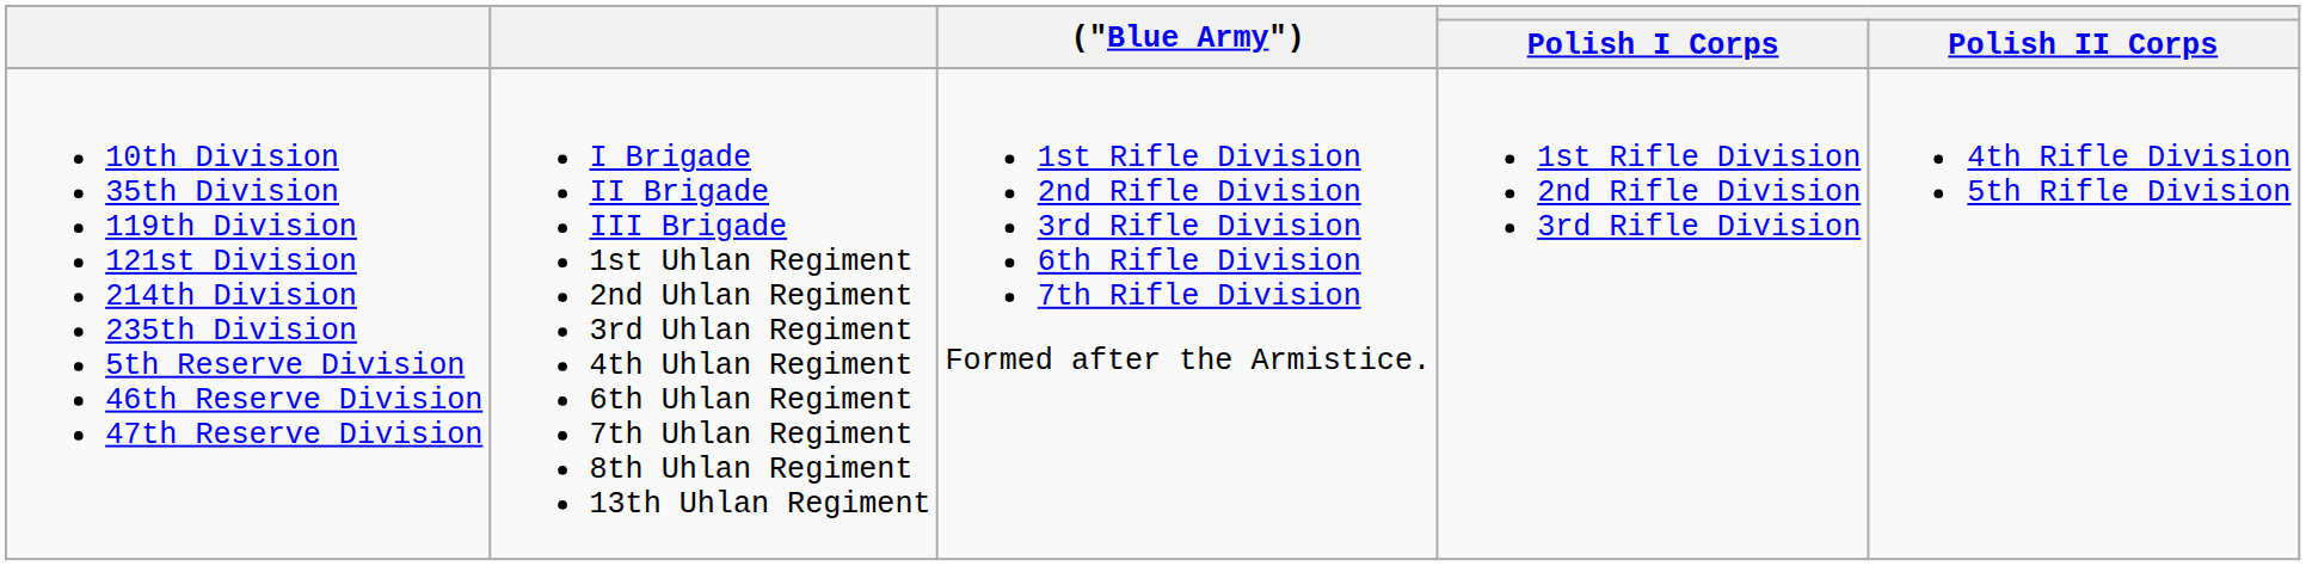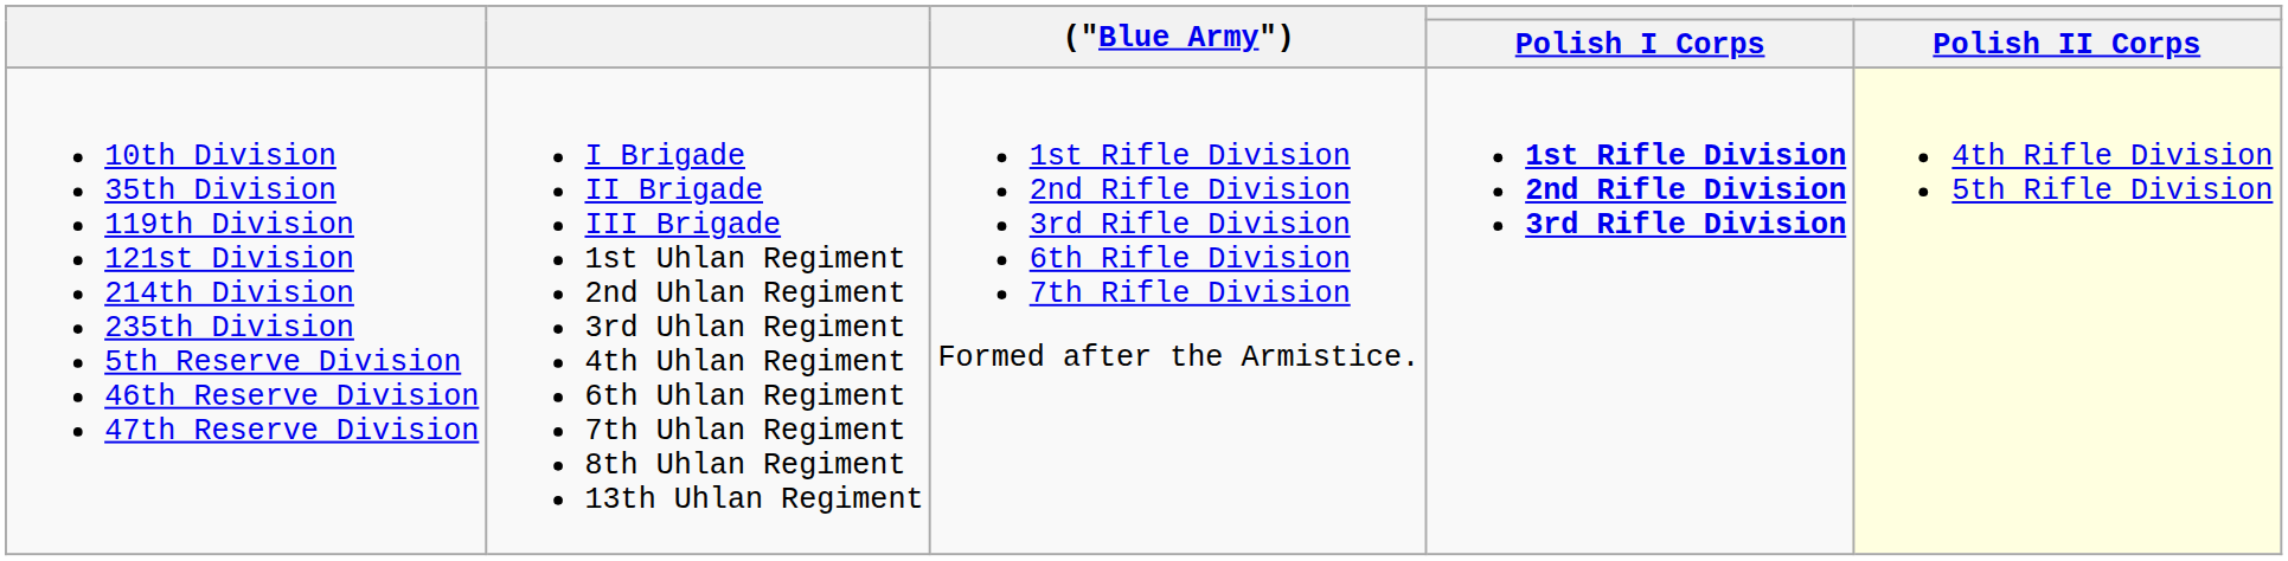 <table class="wikitable">
 <tr>
 <th rowspan=2></th>
 <th rowspan=2></th>
 <th rowspan=2> ("<a href='#'>Blue Army</a>")</th>
 <th colspan=2></th>
 </tr>
 <tr>
 <th><a href='#'>Polish I Corps</a></th>
 <th><a href='#'>Polish II Corps</a></th>
 </tr>
 <tr>
 <td style="vertical-align:top;"><br><ul><li><a href='#'>10th Division</a></li><li><a href='#'>35th Division</a></li><li><a href='#'>119th Division</a></li><li><a href='#'>121st Division</a></li><li><a href='#'>214th Division</a></li><li><a href='#'>235th Division</a></li><li><a href='#'>5th Reserve Division</a></li><li><a href='#'>46th Reserve Division</a></li><li><a href='#'>47th Reserve Division</a></li></ul></td>
 <td style="vertical-align:top;"><br><ul><li><a href='#'>I Brigade</a></li><li><a href='#'>II Brigade</a></li><li><a href='#'>III Brigade</a></li><li>1st Uhlan Regiment</li><li>2nd Uhlan Regiment</li><li>3rd Uhlan Regiment</li><li>4th Uhlan Regiment</li><li>6th Uhlan Regiment</li><li>7th Uhlan Regiment</li><li>8th Uhlan Regiment</li><li>13th Uhlan Regiment</li></ul></td>
 <td style="vertical-align:top;"><br><ul><li><a href='#'>1st Rifle Division</a></li><li><a href='#'>2nd Rifle Division</a></li><li><a href='#'>3rd Rifle Division</a></li><li><a href='#'>6th Rifle Division</a></li><li><a href='#'>7th Rifle Division</a></li></ul>Formed after the Armistice.</td>
-<td style="vertical-align:top;"><br><ul><li><a href='#'>1st Rifle Division</a></li><li><a href='#'>2nd Rifle Division</a></li><li><a href='#'>3rd Rifle Division</a></li></ul></td>
-<td style="vertical-align:top;"><br><ul><li><a href='#'>4th Rifle Division</a></li><li><a href='#'>5th Rifle Division</a></li></ul></td>
+<td style="vertical-align:top;"><strong><br><ul><li><a href='#'>1st Rifle Division</a></li><li><a href='#'>2nd Rifle Division</a></li><li><a href='#'>3rd Rifle Division</a></li></ul></strong></td>
+<td style="background: lightyellow; vertical-align:top;"><br><ul><li><a href='#'>4th Rifle Division</a></li><li><a href='#'>5th Rifle Division</a></li></ul></td>
 </tr>
 </table>
